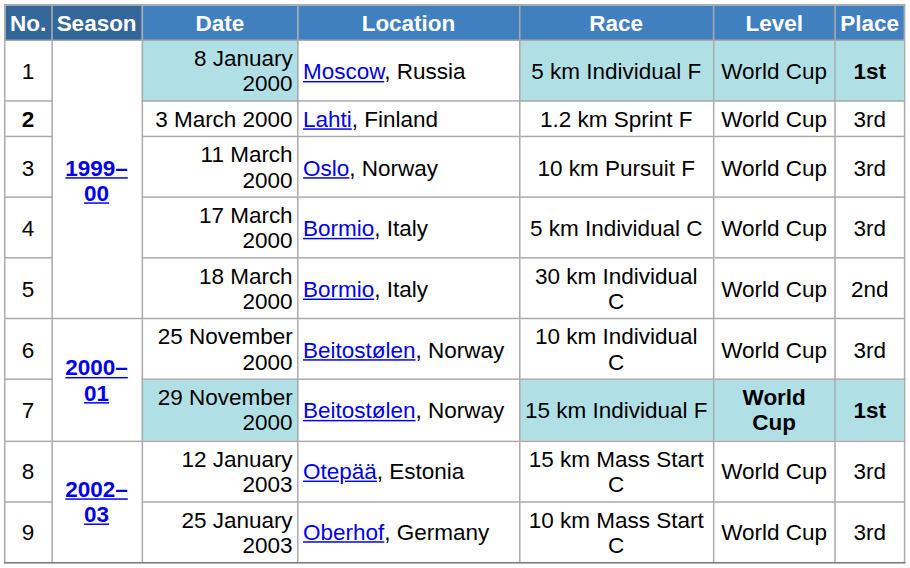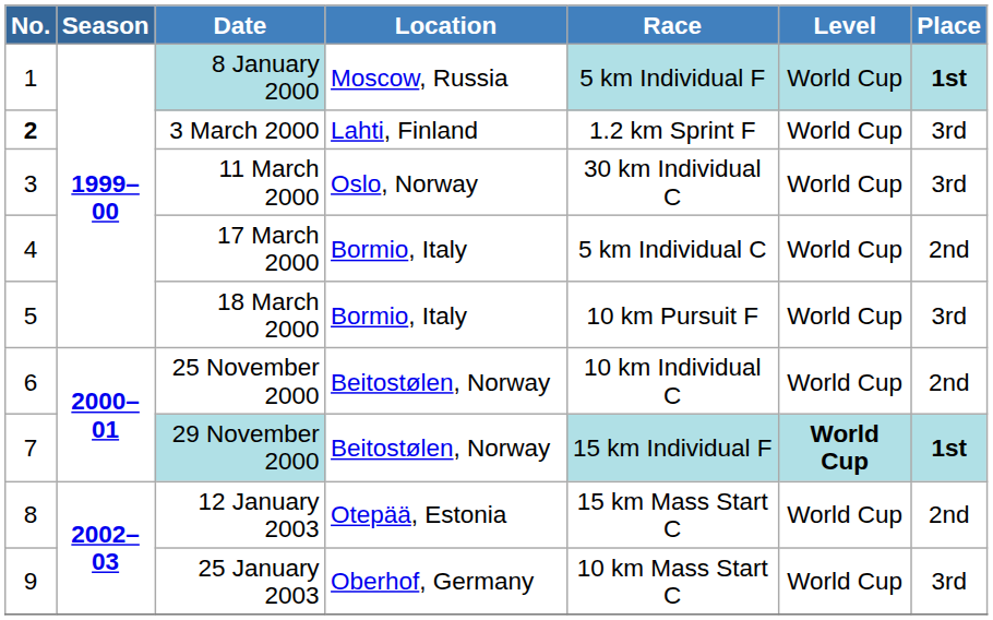 <table class="wikitable sortable" style="font-size:95%; text-align:center; border:grey solid 1px; border-collapse:collapse; background:#ffffff;">
 <tr style="background:#efefef;">
 <th style="background-color:#369; color:white;">No.</th>
 <th style="background-color:#369; color:white;">Season</th>
 <th style="background-color:#4180be; color:white; width:120px;">Date</th>
 <th style="background-color:#4180be; color:white; width:190px;">Location</th>
 <th style="background-color:#4180be; color:white; width:170px;">Race</th>
 <th style="background-color:#4180be; color:white; width:100px;">Level</th>
 <th style="background-color:#4180be; color:white;">Place</th>
 </tr>
 <tr>
 <td align=center>1</td>
 <td rowspan=5 align=center><strong><a href='#'>1999–00</a></strong></td>
 <td bgcolor="#BOEOE6" align=right>8 January 2000</td>
 <td align=left> <a href='#'>Moscow</a>, Russia</td>
 <td bgcolor="#BOEOE6">5 km  Individual F</td>
 <td bgcolor="#BOEOE6">World Cup</td>
 <td bgcolor="#BOEOE6"><strong>1st</strong></td>
 </tr>
 <tr>
 <td align=center><strong>2</strong></td>
 <td align=right>3 March 2000</td>
 <td align=left> <a href='#'>Lahti</a>, Finland</td>
 <td>1.2 km Sprint F</td>
 <td>World Cup</td>
 <td>3rd</td>
 </tr>
 <tr>
 <td align=center>3</td>
 <td align=right>11 March 2000</td>
 <td align=left> <a href='#'>Oslo</a>, Norway</td>
-<td>10 km Pursuit F</td>
+<td>30 km Individual C</td>
 <td>World Cup</td>
 <td>3rd</td>
 </tr>
 <tr>
 <td align=center>4</td>
 <td align=right>17 March 2000</td>
 <td align=left> <a href='#'>Bormio</a>, Italy</td>
 <td>5 km Individual C</td>
 <td>World Cup</td>
-<td>3rd</td>
+<td>2nd</td>
 </tr>
 <tr>
 <td align=center>5</td>
 <td align=right>18 March 2000</td>
 <td align=left> <a href='#'>Bormio</a>, Italy</td>
-<td>30 km Individual C</td>
+<td>10 km Pursuit F</td>
 <td>World Cup</td>
-<td>2nd</td>
+<td>3rd</td>
 </tr>
 <tr>
 <td align=center>6</td>
 <td rowspan=2 align=center><strong><a href='#'>2000–01</a></strong></td>
 <td align=right>25 November 2000</td>
 <td align=left> <a href='#'>Beitostølen</a>, Norway</td>
 <td>10 km Individual C</td>
 <td>World Cup</td>
-<td>3rd</td>
+<td>2nd</td>
 </tr>
 <tr>
 <td align=center>7</td>
 <td bgcolor="#BOEOE6" align=right>29 November 2000</td>
 <td align=left> <a href='#'>Beitostølen</a>, Norway</td>
 <td bgcolor="#BOEOE6">15 km Individual F</td>
 <td bgcolor="#BOEOE6"><strong>World Cup</strong></td>
 <td bgcolor="#BOEOE6"><strong>1st</strong></td>
 </tr>
 <tr>
 <td align=center>8</td>
 <td rowspan=2 align=center><strong><a href='#'>2002–03</a></strong></td>
 <td align=right>12 January 2003</td>
 <td align=left> <a href='#'>Otepää</a>, Estonia</td>
 <td>15 km Mass Start C</td>
 <td>World Cup</td>
-<td>3rd</td>
+<td>2nd</td>
 </tr>
 <tr>
 <td align=center>9</td>
 <td align=right>25 January 2003</td>
 <td align=left> <a href='#'>Oberhof</a>, Germany</td>
 <td>10 km Mass Start C</td>
 <td>World Cup</td>
 <td>3rd</td>
 </tr>
 <tr>
 </tr>
 </table>
